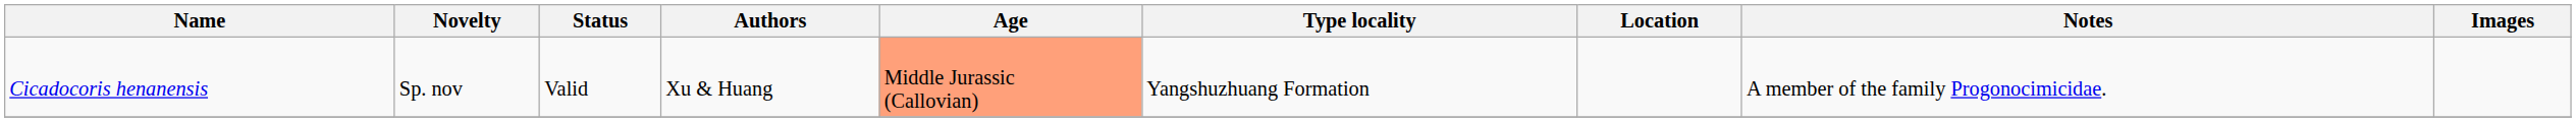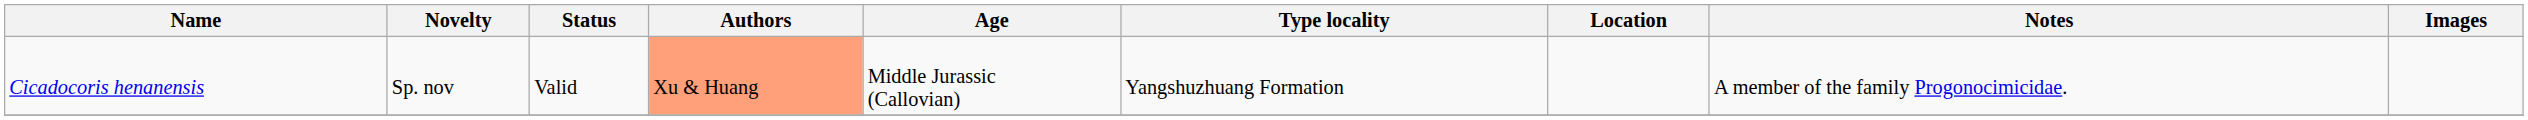 <table class="wikitable sortable" align="center" width="100%">
 <tr>
 <th>Name</th>
 <th>Novelty</th>
 <th>Status</th>
 <th>Authors</th>
 <th>Age</th>
 <th>Type locality</th>
 <th>Location</th>
 <th>Notes</th>
 <th>Images</th>
 </tr>
 <tr>
 <td><br><em><a href='#'>Cicadocoris henanensis</a></em></td>
 <td><br>Sp. nov</td>
 <td><br>Valid</td>
-<td><br>Xu & Huang</td>
-<td style="background: lightsalmon;"><br>Middle Jurassic<br> (Callovian)</td>
+<td style="background: lightsalmon;"><br>Xu & Huang</td>
+<td><br>Middle Jurassic<br> (Callovian)</td>
 <td><br>Yangshuzhuang Formation</td>
 <td><br></td>
 <td><br>A member of the family <a href='#'>Progonocimicidae</a>.</td>
 <td></td>
 </tr>
 <tr>
 </tr>
 </table>
